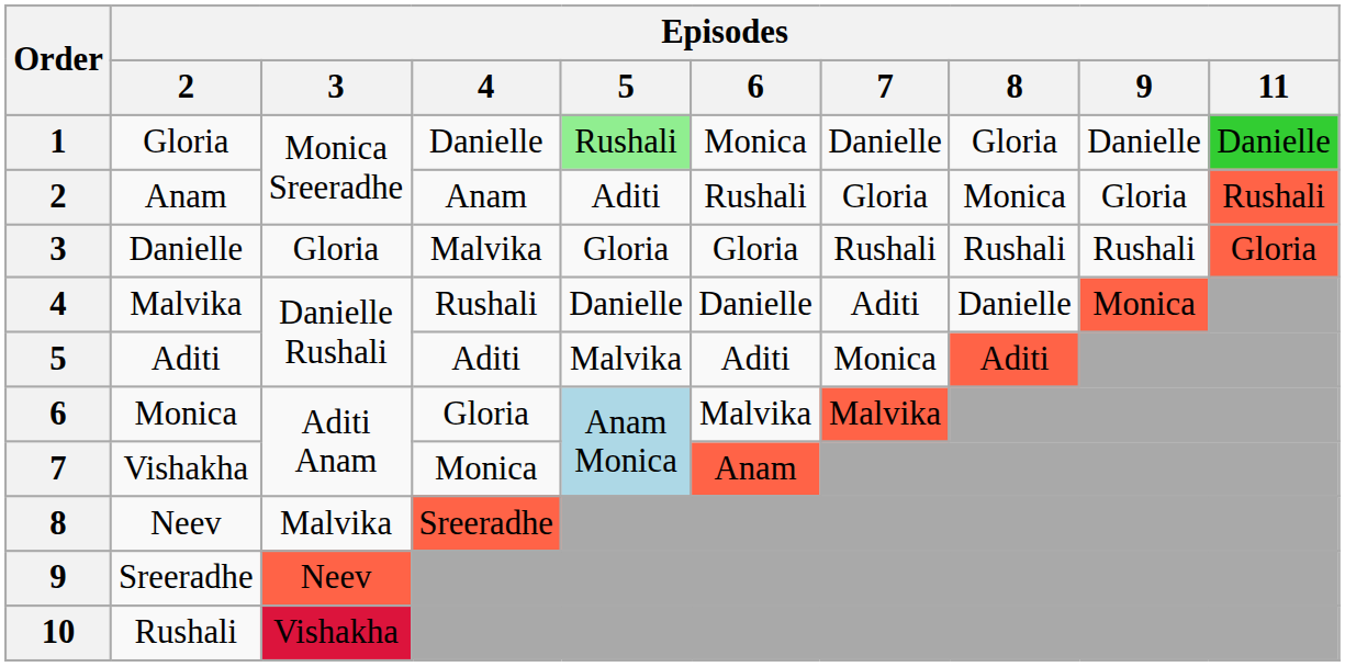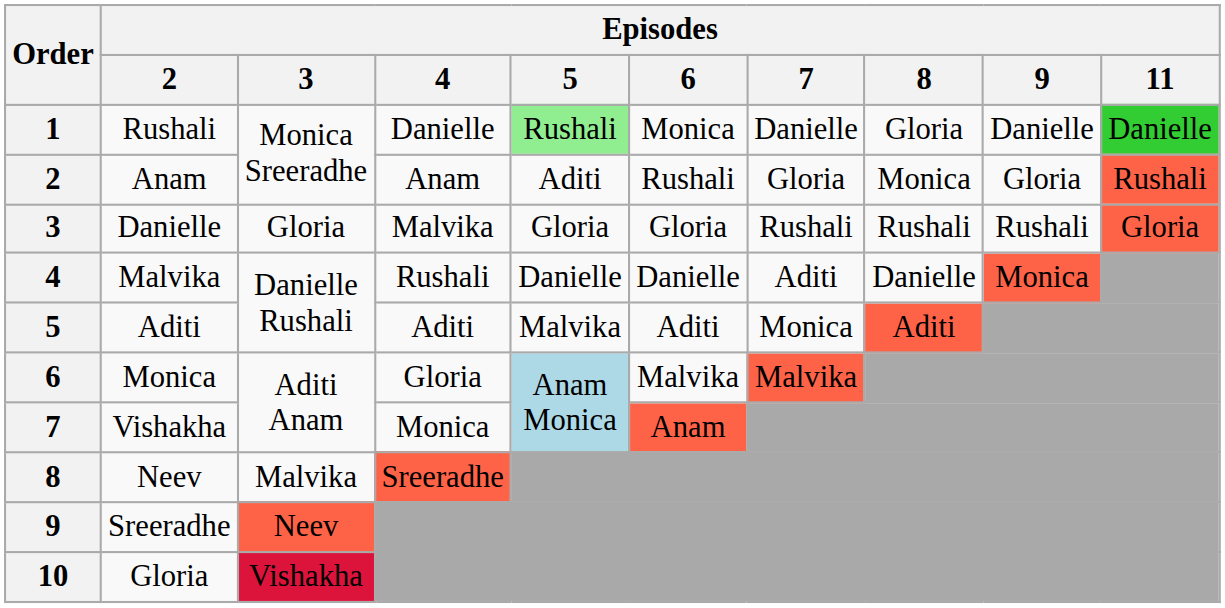 <table class="wikitable" style="text-align:center; font-size:92%">
 <tr>
 <th rowspan=2>Order</th>
 <th colspan=10>Episodes</th>
 </tr>
 <tr>
 <th>2</th>
 <th>3</th>
 <th>4</th>
 <th>5</th>
 <th>6</th>
 <th>7</th>
 <th>8</th>
 <th>9</th>
 <th>11</th>
 </tr>
 <tr>
 <th>1</th>
-<td>Gloria</td>
+<td>Rushali</td>
 <td rowspan="2">Monica<br>Sreeradhe</td>
 <td>Danielle</td>
 <td style="background: lightgreen;">Rushali</td>
 <td>Monica</td>
 <td>Danielle</td>
 <td>Gloria</td>
 <td>Danielle</td>
 <td style="background:limegreen;">Danielle</td>
 </tr>
 <tr>
 <th>2</th>
 <td>Anam</td>
 <td>Anam</td>
 <td>Aditi</td>
 <td>Rushali</td>
 <td>Gloria</td>
 <td>Monica</td>
 <td>Gloria</td>
 <td style="background:tomato;">Rushali</td>
 </tr>
 <tr>
 <th>3</th>
 <td>Danielle</td>
 <td>Gloria</td>
 <td>Malvika</td>
 <td>Gloria</td>
 <td>Gloria</td>
 <td>Rushali</td>
 <td>Rushali</td>
 <td>Rushali</td>
 <td style="background:tomato;">Gloria</td>
 </tr>
 <tr>
 <th>4</th>
 <td>Malvika</td>
 <td rowspan="2">Danielle<br>Rushali</td>
 <td>Rushali</td>
 <td>Danielle</td>
 <td>Danielle</td>
 <td>Aditi</td>
 <td>Danielle</td>
 <td style="background:tomato;">Monica</td>
 <td colspan="6" style="background:darkgrey"></td>
 </tr>
 <tr>
 <th>5</th>
 <td>Aditi</td>
 <td>Aditi</td>
 <td>Malvika</td>
 <td>Aditi</td>
 <td>Monica</td>
 <td style="background:tomato;">Aditi</td>
 <td colspan="5" style="background:darkgrey"></td>
 </tr>
 <tr>
 <th>6</th>
 <td>Monica</td>
 <td rowspan="2">Aditi<br>Anam</td>
 <td>Gloria</td>
 <td rowspan="2" style="background:lightblue;">Anam<br>Monica</td>
 <td>Malvika</td>
 <td style="background:tomato;">Malvika</td>
 <td colspan="6" style="background:darkgrey"></td>
 </tr>
 <tr>
 <th>7</th>
 <td>Vishakha</td>
 <td>Monica</td>
 <td style="background:tomato;">Anam</td>
 <td colspan="7" style="background:darkgrey"></td>
 </tr>
 <tr>
 <th>8</th>
 <td>Neev</td>
 <td>Malvika</td>
 <td style="background:tomato;">Sreeradhe</td>
 <td colspan="8" style="background:darkgrey"></td>
 </tr>
 <tr>
 <th>9</th>
 <td>Sreeradhe</td>
 <td style="background:tomato;">Neev</td>
 <td colspan="9" style="background:darkgrey"></td>
 </tr>
 <tr>
 <th>10</th>
-<td>Rushali</td>
+<td>Gloria</td>
 <td style="background:crimson;"><span>Vishakha</span></td>
 <td colspan="9" style="background:darkgrey"></td>
 </tr>
 </table>
